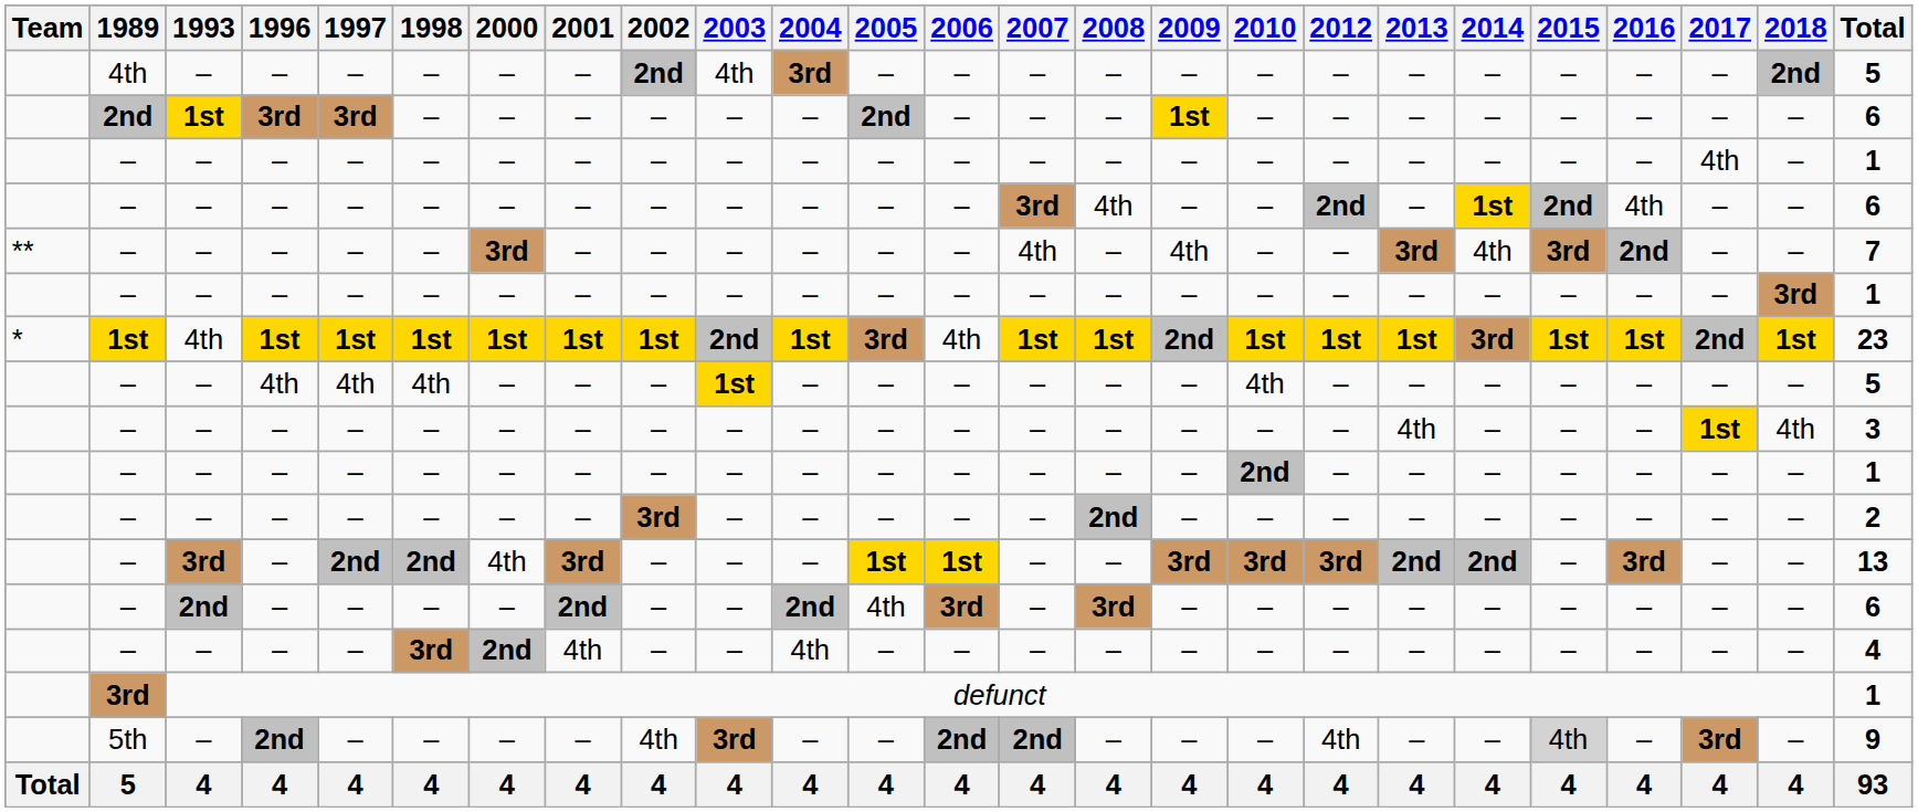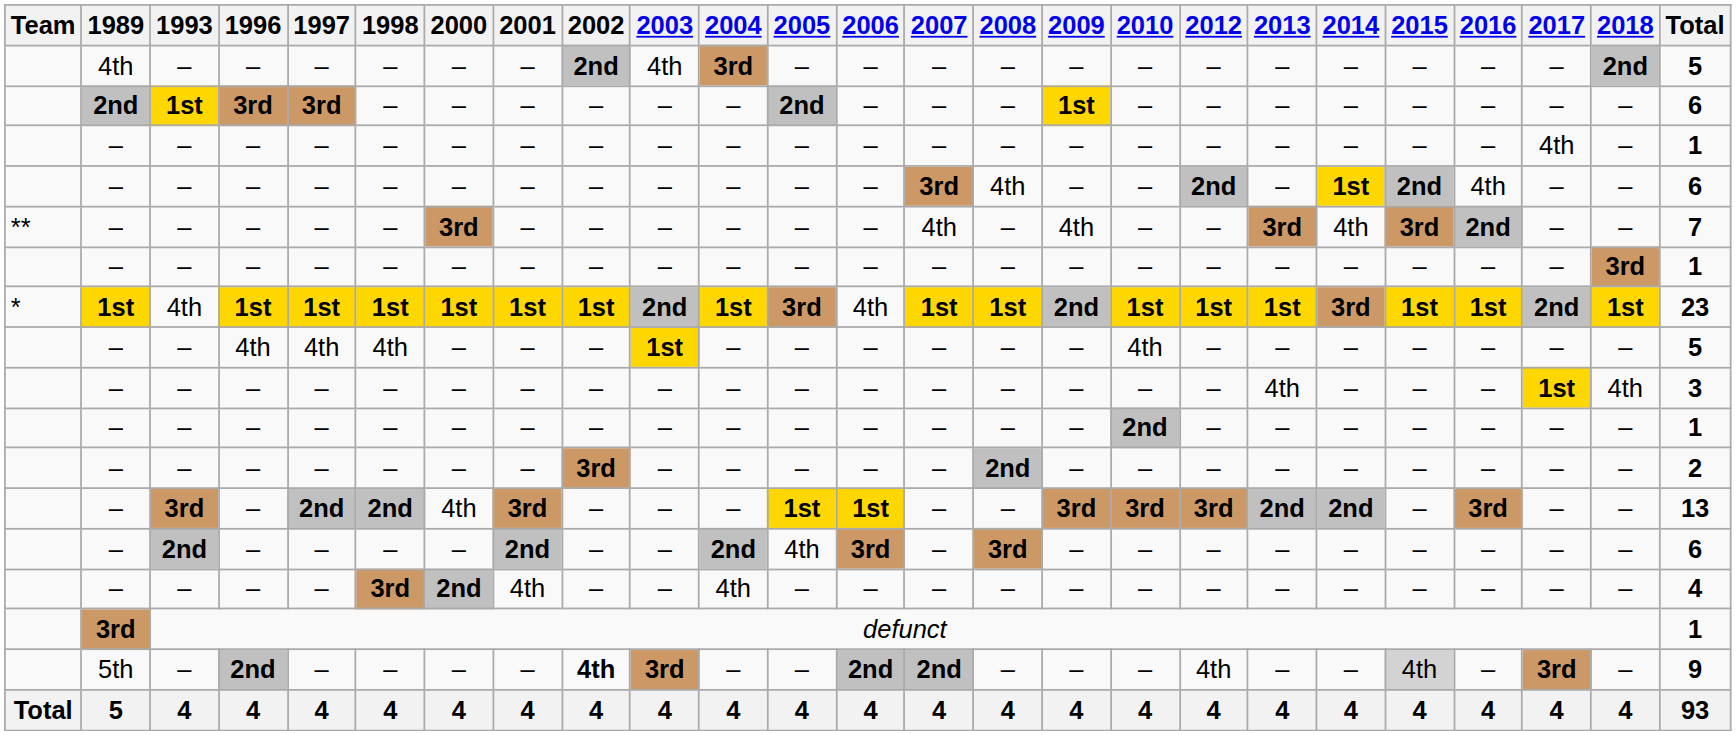 <table class=wikitable style="text-align:center; font-size:90%">
 <tr>
 <th>Team</th>
 <th>1989</th>
 <th>1993</th>
 <th>1996</th>
 <th>1997</th>
 <th>1998</th>
 <th>2000</th>
 <th>2001</th>
 <th>2002</th>
 <th><a href='#'>2003</a></th>
 <th><a href='#'>2004</a></th>
 <th><a href='#'>2005</a></th>
 <th><a href='#'>2006</a></th>
 <th><a href='#'>2007</a></th>
 <th><a href='#'>2008</a></th>
 <th><a href='#'>2009</a></th>
 <th><a href='#'>2010</a></th>
 <th><a href='#'>2012</a></th>
 <th><a href='#'>2013</a></th>
 <th><a href='#'>2014</a></th>
 <th><a href='#'>2015</a></th>
 <th><a href='#'>2016</a></th>
 <th><a href='#'>2017</a></th>
 <th><a href='#'>2018</a></th>
 <th>Total</th>
 </tr>
 <tr>
 <td align=left></td>
 <td>4th</td>
 <td>–</td>
 <td>–</td>
 <td>–</td>
 <td>–</td>
 <td>–</td>
 <td>–</td>
 <td bgcolor=silver><strong>2nd</strong></td>
 <td>4th</td>
 <td bgcolor=#cc9966><strong>3rd</strong></td>
 <td>–</td>
 <td>–</td>
 <td>–</td>
 <td>–</td>
 <td>–</td>
 <td>–</td>
 <td>–</td>
 <td>–</td>
 <td>–</td>
 <td>–</td>
 <td>–</td>
 <td>–</td>
 <td bgcolor=silver><strong>2nd</strong></td>
 <td><strong>5</strong></td>
 </tr>
 <tr>
 <td align=left></td>
 <td bgcolor=silver><strong>2nd</strong></td>
 <td bgcolor=gold><strong>1st</strong></td>
 <td bgcolor=#cc9966><strong>3rd</strong></td>
 <td bgcolor=#cc9966><strong>3rd</strong></td>
 <td>–</td>
 <td>–</td>
 <td>–</td>
 <td>–</td>
 <td>–</td>
 <td>–</td>
 <td bgcolor=silver><strong>2nd</strong></td>
 <td>–</td>
 <td>–</td>
 <td>–</td>
 <td bgcolor=gold><strong>1st</strong></td>
 <td>–</td>
 <td>–</td>
 <td>–</td>
 <td>–</td>
 <td>–</td>
 <td>–</td>
 <td>–</td>
 <td>–</td>
 <td><strong>6</strong></td>
 </tr>
 <tr>
 <td align=left></td>
 <td>–</td>
 <td>–</td>
 <td>–</td>
 <td>–</td>
 <td>–</td>
 <td>–</td>
 <td>–</td>
 <td>–</td>
 <td>–</td>
 <td>–</td>
 <td>–</td>
 <td>–</td>
 <td>–</td>
 <td>–</td>
 <td>–</td>
 <td>–</td>
 <td>–</td>
 <td>–</td>
 <td>–</td>
 <td>–</td>
 <td>–</td>
 <td>4th</td>
 <td>–</td>
 <td><strong>1</strong></td>
 </tr>
 <tr>
 <td align=left></td>
 <td>–</td>
 <td>–</td>
 <td>–</td>
 <td>–</td>
 <td>–</td>
 <td>–</td>
 <td>–</td>
 <td>–</td>
 <td>–</td>
 <td>–</td>
 <td>–</td>
 <td>–</td>
 <td bgcolor=#cc9966><strong>3rd</strong></td>
 <td>4th</td>
 <td>–</td>
 <td>–</td>
 <td bgcolor=silver><strong>2nd</strong></td>
 <td>–</td>
 <td bgcolor=gold><strong>1st</strong></td>
 <td bgcolor=silver><strong>2nd</strong></td>
 <td>4th</td>
 <td>–</td>
 <td>–</td>
 <td><strong>6</strong></td>
 </tr>
 <tr>
 <td align=left> **</td>
 <td>–</td>
 <td>–</td>
 <td>–</td>
 <td>–</td>
 <td>–</td>
 <td bgcolor=#cc9966><strong>3rd</strong></td>
 <td>–</td>
 <td>–</td>
 <td>–</td>
 <td>–</td>
 <td>–</td>
 <td>–</td>
 <td>4th</td>
 <td>–</td>
 <td>4th</td>
 <td>–</td>
 <td>–</td>
 <td bgcolor=#cc9966><strong>3rd</strong></td>
 <td>4th</td>
 <td bgcolor=#cc9966><strong>3rd</strong></td>
 <td bgcolor=silver><strong>2nd</strong></td>
 <td>–</td>
 <td>–</td>
 <td><strong>7</strong></td>
 </tr>
 <tr>
 <td align=left></td>
 <td>–</td>
 <td>–</td>
 <td>–</td>
 <td>–</td>
 <td>–</td>
 <td>–</td>
 <td>–</td>
 <td>–</td>
 <td>–</td>
 <td>–</td>
 <td>–</td>
 <td>–</td>
 <td>–</td>
 <td>–</td>
 <td>–</td>
 <td>–</td>
 <td>–</td>
 <td>–</td>
 <td>–</td>
 <td>–</td>
 <td>–</td>
 <td>–</td>
 <td bgcolor=#cc9966><strong>3rd</strong></td>
 <td><strong>1</strong></td>
 </tr>
 <tr>
 <td align=left> *</td>
 <td bgcolor=gold><strong>1st</strong></td>
 <td>4th</td>
 <td bgcolor=gold><strong>1st</strong></td>
 <td bgcolor=gold><strong>1st</strong></td>
 <td bgcolor=gold><strong>1st</strong></td>
 <td bgcolor=gold><strong>1st</strong></td>
 <td bgcolor=gold><strong>1st</strong></td>
 <td bgcolor=gold><strong>1st</strong></td>
 <td bgcolor=silver><strong>2nd</strong></td>
 <td bgcolor=gold><strong>1st</strong></td>
 <td bgcolor=#cc9966><strong>3rd</strong></td>
 <td>4th</td>
 <td bgcolor=gold><strong>1st</strong></td>
 <td bgcolor=gold><strong>1st</strong></td>
 <td bgcolor=silver><strong>2nd</strong></td>
 <td bgcolor=gold><strong>1st</strong></td>
 <td bgcolor=gold><strong>1st</strong></td>
 <td bgcolor=gold><strong>1st</strong></td>
 <td bgcolor=#cc9966><strong>3rd</strong></td>
 <td bgcolor=gold><strong>1st</strong></td>
 <td bgcolor=gold><strong>1st</strong></td>
 <td bgcolor=silver><strong>2nd</strong></td>
 <td bgcolor=gold><strong>1st</strong></td>
 <td><strong>23</strong></td>
 </tr>
 <tr>
 <td align=left></td>
 <td>–</td>
 <td>–</td>
 <td>4th</td>
 <td>4th</td>
 <td>4th</td>
 <td>–</td>
 <td>–</td>
 <td>–</td>
 <td bgcolor=gold><strong>1st</strong></td>
 <td>–</td>
 <td>–</td>
 <td>–</td>
 <td>–</td>
 <td>–</td>
 <td>–</td>
 <td>4th</td>
 <td>–</td>
 <td>–</td>
 <td>–</td>
 <td>–</td>
 <td>–</td>
 <td>–</td>
 <td>–</td>
 <td><strong>5</strong></td>
 </tr>
 <tr>
 <td align=left></td>
 <td>–</td>
 <td>–</td>
 <td>–</td>
 <td>–</td>
 <td>–</td>
 <td>–</td>
 <td>–</td>
 <td>–</td>
 <td>–</td>
 <td>–</td>
 <td>–</td>
 <td>–</td>
 <td>–</td>
 <td>–</td>
 <td>–</td>
 <td>–</td>
 <td>–</td>
 <td>4th</td>
 <td>–</td>
 <td>–</td>
 <td>–</td>
 <td bgcolor=gold><strong>1st</strong></td>
 <td>4th</td>
 <td><strong>3</strong></td>
 </tr>
 <tr>
 <td align=left></td>
 <td>–</td>
 <td>–</td>
 <td>–</td>
 <td>–</td>
 <td>–</td>
 <td>–</td>
 <td>–</td>
 <td>–</td>
 <td>–</td>
 <td>–</td>
 <td>–</td>
 <td>–</td>
 <td>–</td>
 <td>–</td>
 <td>–</td>
 <td bgcolor=silver><strong>2nd</strong></td>
 <td>–</td>
 <td>–</td>
 <td>–</td>
 <td>–</td>
 <td>–</td>
 <td>–</td>
 <td>–</td>
 <td><strong>1</strong></td>
 </tr>
 <tr>
 <td align=left></td>
 <td>–</td>
 <td>–</td>
 <td>–</td>
 <td>–</td>
 <td>–</td>
 <td>–</td>
 <td>–</td>
 <td bgcolor=#cc9966><strong>3rd</strong></td>
 <td>–</td>
 <td>–</td>
 <td>–</td>
 <td>–</td>
 <td>–</td>
 <td bgcolor=silver><strong>2nd</strong></td>
 <td>–</td>
 <td>–</td>
 <td>–</td>
 <td>–</td>
 <td>–</td>
 <td>–</td>
 <td>–</td>
 <td>–</td>
 <td>–</td>
 <td><strong>2</strong></td>
 </tr>
 <tr>
 <td align=left></td>
 <td>–</td>
 <td bgcolor=#cc9966><strong>3rd</strong></td>
 <td>–</td>
 <td bgcolor=silver><strong>2nd</strong></td>
 <td bgcolor=silver><strong>2nd</strong></td>
 <td>4th</td>
 <td bgcolor=#cc9966><strong>3rd</strong></td>
 <td>–</td>
 <td>–</td>
 <td>–</td>
 <td bgcolor=gold><strong>1st</strong></td>
 <td bgcolor=gold><strong>1st</strong></td>
 <td>–</td>
 <td>–</td>
 <td bgcolor=#cc9966><strong>3rd</strong></td>
 <td bgcolor=#cc9966><strong>3rd</strong></td>
 <td bgcolor=#cc9966><strong>3rd</strong></td>
 <td bgcolor=silver><strong>2nd</strong></td>
 <td bgcolor=silver><strong>2nd</strong></td>
 <td>–</td>
 <td bgcolor=#cc9966><strong>3rd</strong></td>
 <td>–</td>
 <td>–</td>
 <td><strong>13</strong></td>
 </tr>
 <tr>
 <td align=left></td>
 <td>–</td>
 <td bgcolor=silver><strong>2nd</strong></td>
 <td>–</td>
 <td>–</td>
 <td>–</td>
 <td>–</td>
 <td bgcolor=silver><strong>2nd</strong></td>
 <td>–</td>
 <td>–</td>
 <td bgcolor=silver><strong>2nd</strong></td>
 <td>4th</td>
 <td bgcolor=#cc9966><strong>3rd</strong></td>
 <td>–</td>
 <td bgcolor=#cc9966><strong>3rd</strong></td>
 <td>–</td>
 <td>–</td>
 <td>–</td>
 <td>–</td>
 <td>–</td>
 <td>–</td>
 <td>–</td>
 <td>–</td>
 <td>–</td>
 <td><strong>6</strong></td>
 </tr>
 <tr>
 <td align=left></td>
 <td>–</td>
 <td>–</td>
 <td>–</td>
 <td>–</td>
 <td bgcolor=#cc9966><strong>3rd</strong></td>
 <td bgcolor=silver><strong>2nd</strong></td>
 <td>4th</td>
 <td>–</td>
 <td>–</td>
 <td>4th</td>
 <td>–</td>
 <td>–</td>
 <td>–</td>
 <td>–</td>
 <td>–</td>
 <td>–</td>
 <td>–</td>
 <td>–</td>
 <td>–</td>
 <td>–</td>
 <td>–</td>
 <td>–</td>
 <td>–</td>
 <td><strong>4</strong></td>
 </tr>
 <tr>
 <td align=left></td>
 <td bgcolor=#cc9966><strong>3rd</strong></td>
 <td colspan=22><em>defunct</em></td>
 <td><strong>1</strong></td>
 </tr>
 <tr>
 <td align=left></td>
 <td>5th</td>
 <td>–</td>
 <td bgcolor=silver><strong>2nd</strong></td>
 <td>–</td>
 <td>–</td>
 <td>–</td>
 <td>–</td>
-<td>4th</td>
+<td><strong>4th</strong></td>
 <td bgcolor=#cc9966><strong>3rd</strong></td>
 <td>–</td>
 <td>–</td>
 <td bgcolor=silver><strong>2nd</strong></td>
 <td bgcolor=silver><strong>2nd</strong></td>
 <td>–</td>
 <td>–</td>
 <td>–</td>
 <td>4th</td>
 <td>–</td>
 <td>–</td>
 <td style="background: lightgrey;">4th</td>
 <td>–</td>
 <td bgcolor=#cc9966><strong>3rd</strong></td>
 <td>–</td>
 <td><strong>9</strong></td>
 </tr>
 <tr>
 <th>Total</th>
 <th>5</th>
 <th>4</th>
 <th>4</th>
 <th>4</th>
 <th>4</th>
 <th>4</th>
 <th>4</th>
 <th>4</th>
 <th>4</th>
 <th>4</th>
 <th>4</th>
 <th>4</th>
 <th>4</th>
 <th>4</th>
 <th>4</th>
 <th>4</th>
 <th>4</th>
 <th>4</th>
 <th>4</th>
 <th>4</th>
 <th>4</th>
 <th>4</th>
 <th>4</th>
 <th>93</th>
 </tr>
 </table>
